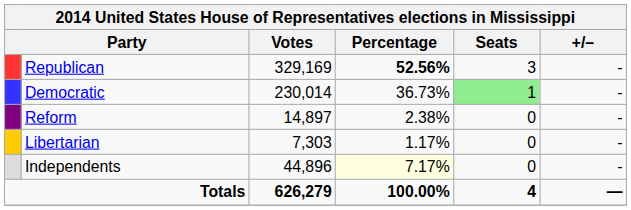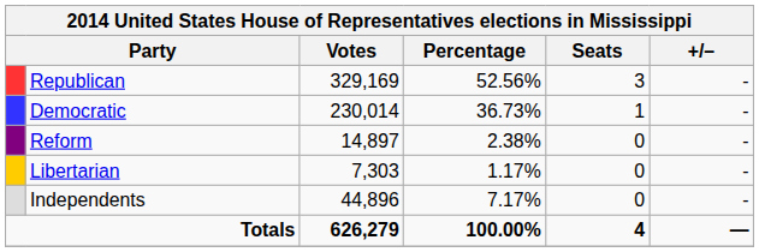 <table class="wikitable" style="font-size: 95%;">
 <tr>
 <th colspan="6">2014 United States House of Representatives elections in Mississippi</th>
 </tr>
 <tr>
 <th colspan=2 style="width: 15em">Party</th>
 <th style="width: 5em">Votes</th>
 <th style="width: 7em">Percentage</th>
 <th style="width: 5em">Seats</th>
 <th style="width: 5em">+/–</th>
 </tr>
 <tr>
 <th style="background-color:#FF3333; width: 3px"></th>
 <td style="width: 130px"><a href='#'>Republican</a></td>
 <td align="right">329,169</td>
-<td align="right"><strong>52.56%</strong></td>
+<td align="right">52.56%</td>
 <td align="right">3</td>
 <td align="right">-</td>
 </tr>
 <tr>
 <th style="background-color:#3333FF; width: 3px"></th>
 <td style="width: 130px"><a href='#'>Democratic</a></td>
 <td align="right">230,014</td>
 <td align="right">36.73%</td>
-<td align="right" style="background: lightgreen;">1</td>
+<td align="right">1</td>
 <td align="right">-</td>
 </tr>
 <tr>
 <th style="background-color:#800080; width: 3px"></th>
 <td style="width: 130px"><a href='#'>Reform</a></td>
 <td align="right">14,897</td>
 <td align="right">2.38%</td>
 <td align="right">0</td>
 <td align="right">-</td>
 </tr>
 <tr>
 <th style="background-color:#FFCC00; width: 3px"></th>
 <td style="width: 130px"><a href='#'>Libertarian</a></td>
 <td align="right">7,303</td>
 <td align="right">1.17%</td>
 <td align="right">0</td>
 <td align="right">-</td>
 </tr>
 <tr>
 <th style="background-color:#DDDDDD; width: 3px"></th>
 <td style="width: 130px">Independents</td>
 <td align="right">44,896</td>
-<td align="right" style="background: lightyellow;">7.17%</td>
+<td align="right">7.17%</td>
 <td align="right">0</td>
 <td align="right">-</td>
 </tr>
 <tr>
 <td colspan="2" align="right"><strong>Totals</strong></td>
 <td align="right"><strong>626,279</strong></td>
 <td align="right"><strong>100.00%</strong></td>
 <td align="right"><strong>4</strong></td>
 <td align="right"><strong>—</strong></td>
 </tr>
 <tr bgcolor="#EEEEEE">
 </tr>
 </table>
